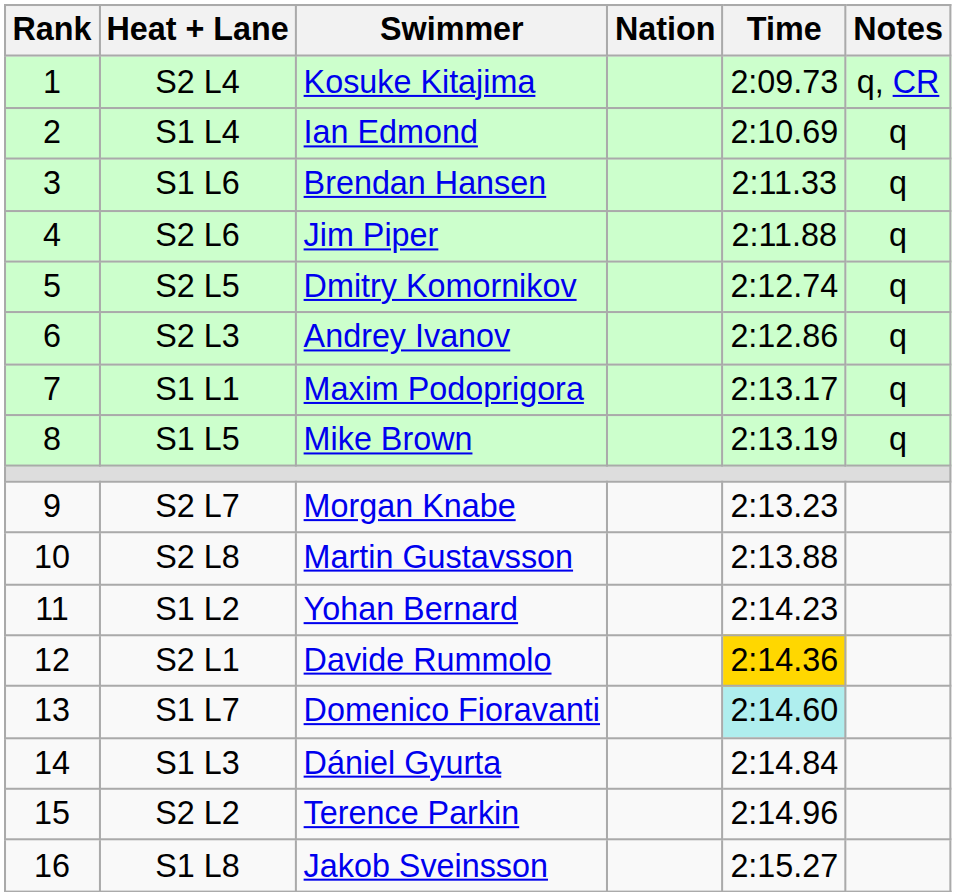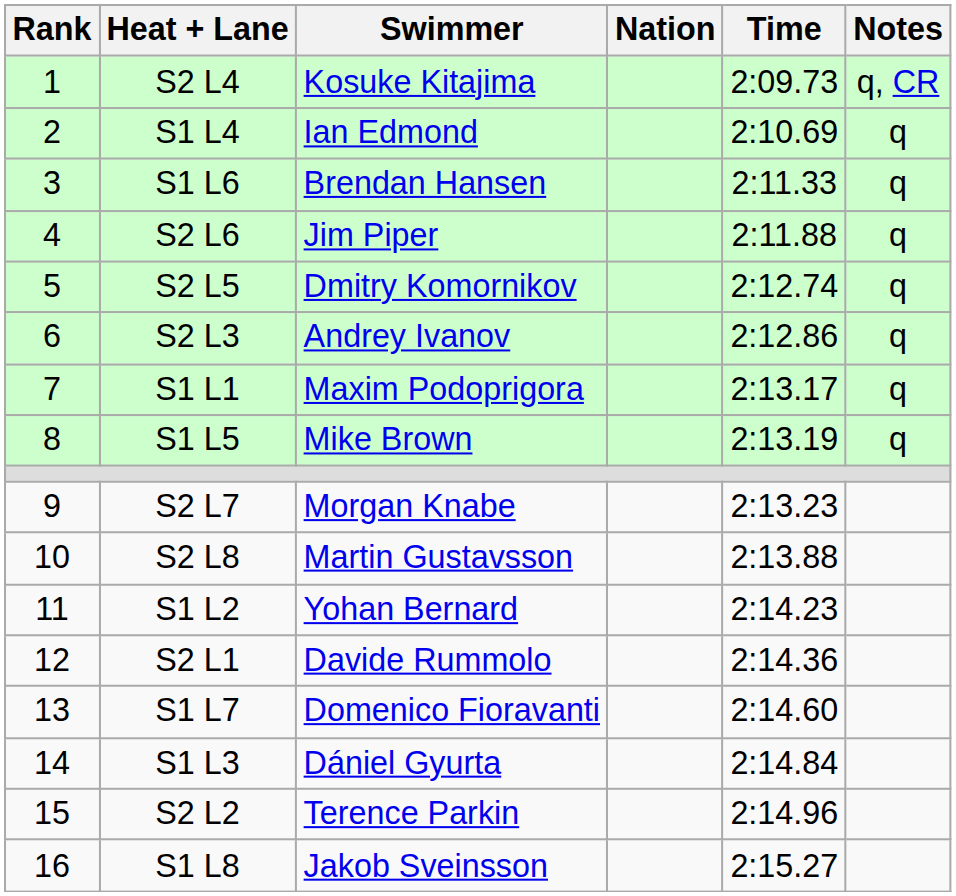 <table class="wikitable sortable" style="text-align:center">
 <tr>
 <th>Rank</th>
 <th>Heat + Lane</th>
 <th>Swimmer</th>
 <th>Nation</th>
 <th>Time</th>
 <th>Notes</th>
 </tr>
 <tr bgcolor=ccffcc>
 <td>1</td>
 <td>S2 L4</td>
 <td align=left><a href='#'>Kosuke Kitajima</a></td>
 <td align=left></td>
 <td>2:09.73</td>
 <td>q, <a href='#'>CR</a></td>
 </tr>
 <tr bgcolor=ccffcc>
 <td>2</td>
 <td>S1 L4</td>
 <td align=left><a href='#'>Ian Edmond</a></td>
 <td align=left></td>
 <td>2:10.69</td>
 <td>q</td>
 </tr>
 <tr bgcolor=ccffcc>
 <td>3</td>
 <td>S1 L6</td>
 <td align=left><a href='#'>Brendan Hansen</a></td>
 <td align=left></td>
 <td>2:11.33</td>
 <td>q</td>
 </tr>
 <tr bgcolor=ccffcc>
 <td>4</td>
 <td>S2 L6</td>
 <td align=left><a href='#'>Jim Piper</a></td>
 <td align=left></td>
 <td>2:11.88</td>
 <td>q</td>
 </tr>
 <tr bgcolor=ccffcc>
 <td>5</td>
 <td>S2 L5</td>
 <td align=left><a href='#'>Dmitry Komornikov</a></td>
 <td align=left></td>
 <td>2:12.74</td>
 <td>q</td>
 </tr>
 <tr bgcolor=ccffcc>
 <td>6</td>
 <td>S2 L3</td>
 <td align=left><a href='#'>Andrey Ivanov</a></td>
 <td align=left></td>
 <td>2:12.86</td>
 <td>q</td>
 </tr>
 <tr bgcolor=ccffcc>
 <td>7</td>
 <td>S1 L1</td>
 <td align=left><a href='#'>Maxim Podoprigora</a></td>
 <td align=left></td>
 <td>2:13.17</td>
 <td>q</td>
 </tr>
 <tr bgcolor=ccffcc>
 <td>8</td>
 <td>S1 L5</td>
 <td align=left><a href='#'>Mike Brown</a></td>
 <td align=left></td>
 <td>2:13.19</td>
 <td>q</td>
 </tr>
 <tr bgcolor=#DDDDDD>
 <td colspan=6></td>
 </tr>
 <tr>
 <td>9</td>
 <td>S2 L7</td>
 <td align=left><a href='#'>Morgan Knabe</a></td>
 <td align=left></td>
 <td>2:13.23</td>
 <td></td>
 </tr>
 <tr>
 <td>10</td>
 <td>S2 L8</td>
 <td align=left><a href='#'>Martin Gustavsson</a></td>
 <td align=left></td>
 <td>2:13.88</td>
 <td></td>
 </tr>
 <tr>
 <td>11</td>
 <td>S1 L2</td>
 <td align=left><a href='#'>Yohan Bernard</a></td>
 <td align=left></td>
 <td>2:14.23</td>
 <td></td>
 </tr>
 <tr>
 <td>12</td>
 <td>S2 L1</td>
 <td align=left><a href='#'>Davide Rummolo</a></td>
 <td align=left></td>
-<td style="background: gold;">2:14.36</td>
+<td>2:14.36</td>
 <td></td>
 </tr>
 <tr>
 <td>13</td>
 <td>S1 L7</td>
 <td align=left><a href='#'>Domenico Fioravanti</a></td>
 <td align=left></td>
-<td style="background: paleturquoise;">2:14.60</td>
+<td>2:14.60</td>
 <td></td>
 </tr>
 <tr>
 <td>14</td>
 <td>S1 L3</td>
 <td align=left><a href='#'>Dániel Gyurta</a></td>
 <td align=left></td>
 <td>2:14.84</td>
 <td></td>
 </tr>
 <tr>
 <td>15</td>
 <td>S2 L2</td>
 <td align=left><a href='#'>Terence Parkin</a></td>
 <td align=left></td>
 <td>2:14.96</td>
 <td></td>
 </tr>
 <tr>
 <td>16</td>
 <td>S1 L8</td>
 <td align=left><a href='#'>Jakob Sveinsson</a></td>
 <td align=left></td>
 <td>2:15.27</td>
 <td></td>
 </tr>
 <tr>
 </tr>
 </table>
